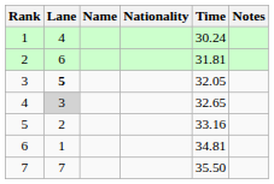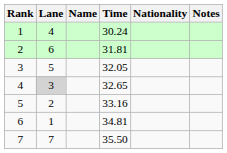 <table class="wikitable sortable" style="text-align:center">
 <tr>
 <th>Rank</th>
 <th>Lane</th>
 <th>Name</th>
+<th>Time</th>
 <th>Nationality</th>
-<th>Time</th>
 <th>Notes</th>
 </tr>
 <tr bgcolor=ccffcc>
 <td>1</td>
 <td>4</td>
 <td align=left></td>
+<td>30.24</td>
 <td align=left></td>
-<td>30.24</td>
 <td><strong></strong></td>
 </tr>
 <tr bgcolor=ccffcc>
 <td>2</td>
 <td>6</td>
 <td align=left></td>
+<td>31.81</td>
 <td align=left></td>
-<td>31.81</td>
 <td><strong></strong></td>
 </tr>
 <tr>
 <td>3</td>
-<td><strong>5</strong></td>
-<td align=left></td>
+<td>5</td>
 <td align=left></td>
 <td>32.05</td>
+<td align=left></td>
 <td></td>
 </tr>
 <tr>
 <td>4</td>
 <td style="background: lightgrey;">3</td>
 <td align=left></td>
+<td>32.65</td>
 <td align=left></td>
-<td>32.65</td>
 <td></td>
 </tr>
 <tr>
 <td>5</td>
 <td>2</td>
 <td align=left></td>
+<td>33.16</td>
 <td align=left></td>
-<td>33.16</td>
 <td></td>
 </tr>
 <tr>
 <td>6</td>
 <td>1</td>
 <td align=left></td>
+<td>34.81</td>
 <td align=left></td>
-<td>34.81</td>
 <td></td>
 </tr>
 <tr>
 <td>7</td>
 <td>7</td>
 <td align=left></td>
+<td>35.50</td>
 <td align=left></td>
-<td>35.50</td>
 <td></td>
 </tr>
 </table>
